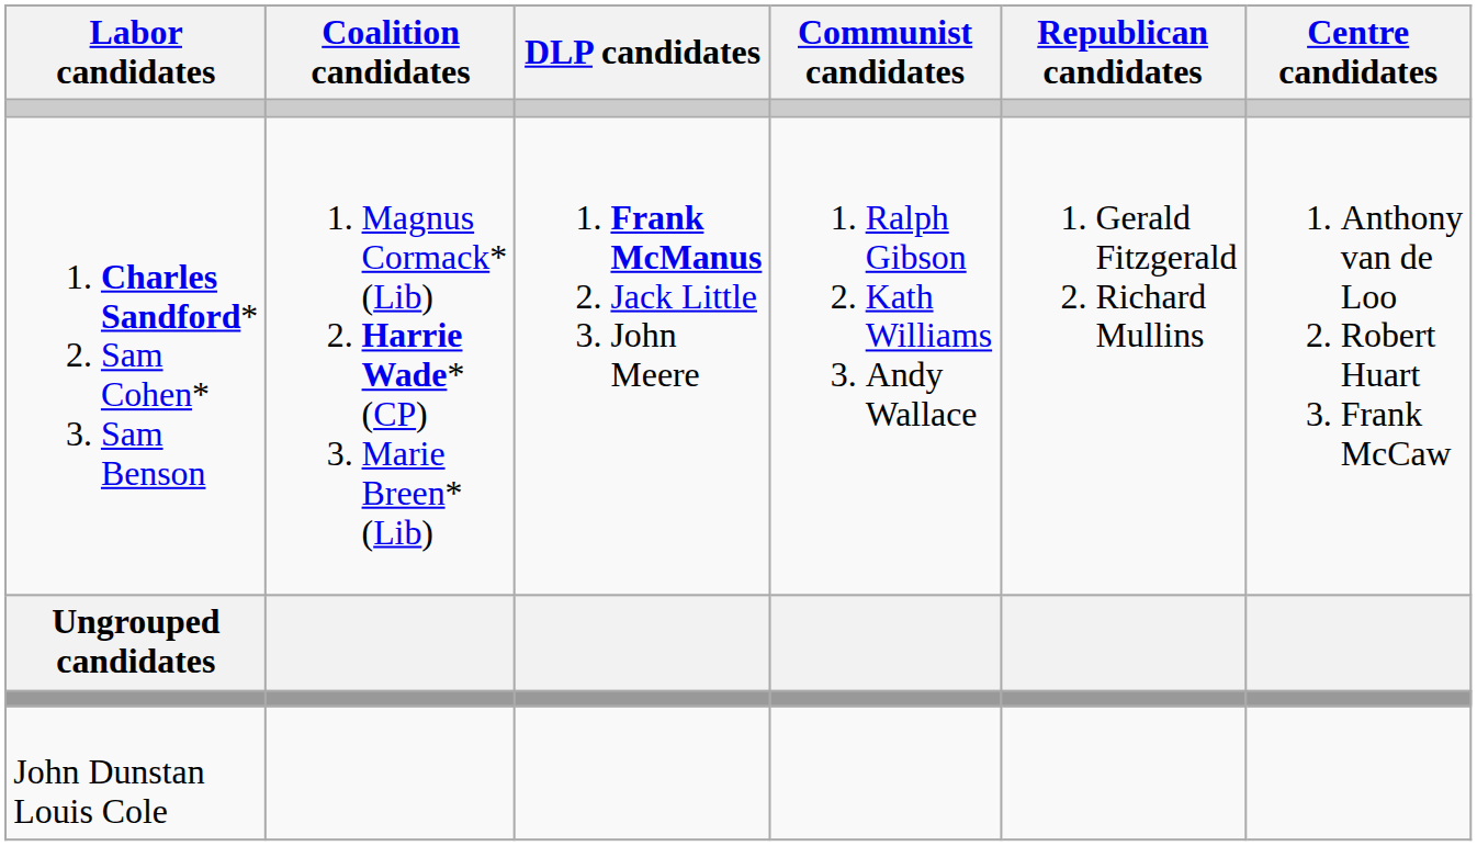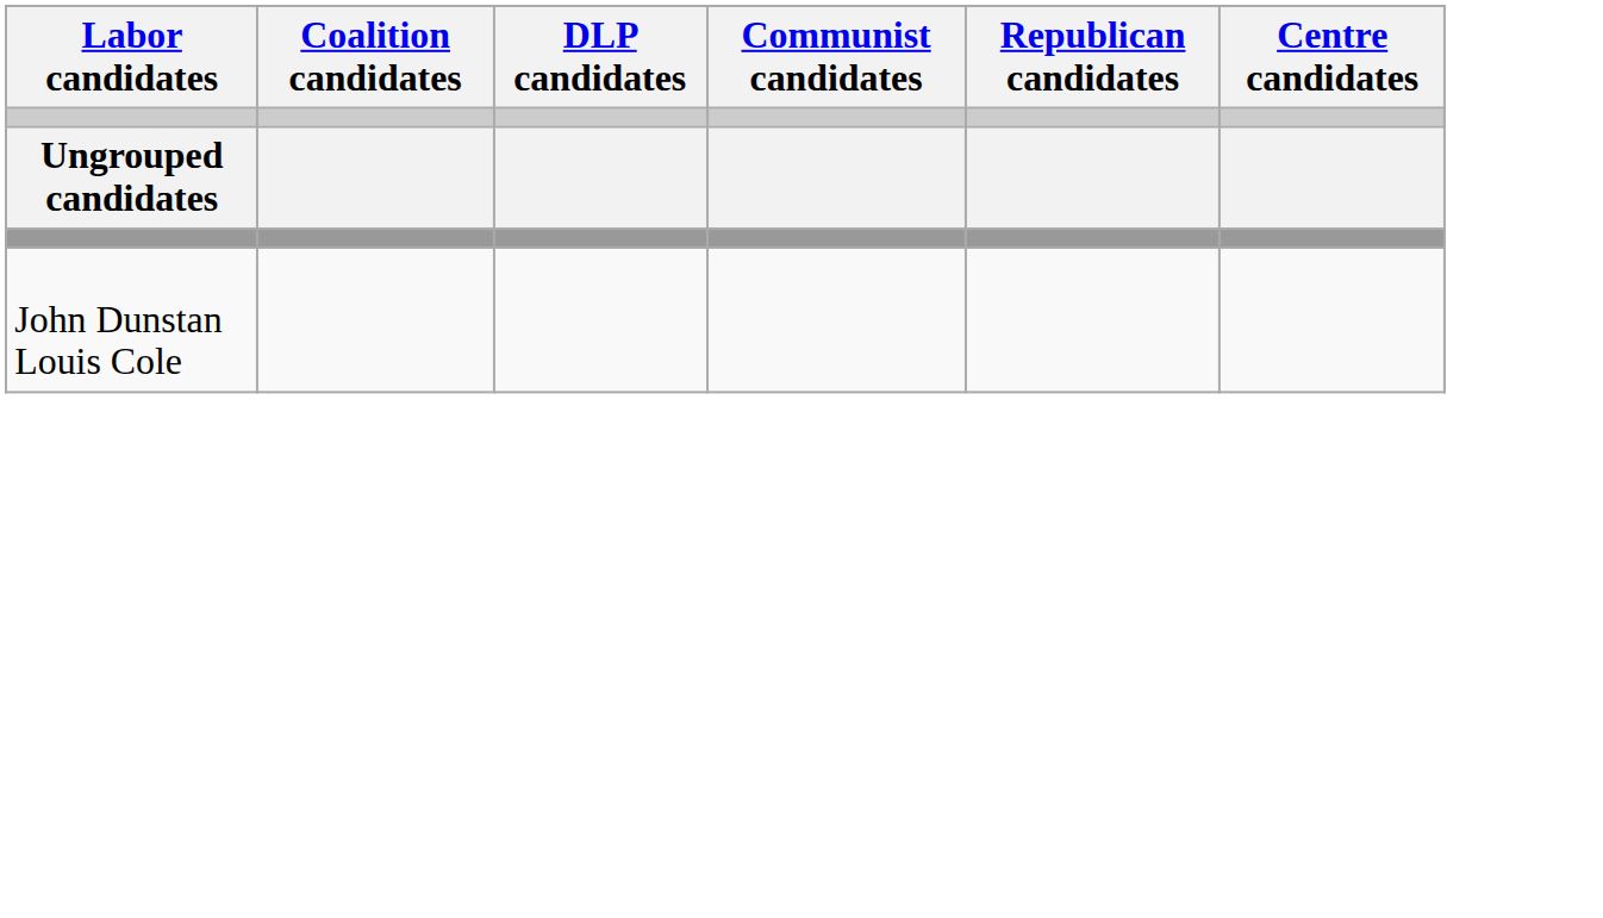 <table class="wikitable">
 <tr>
 <th><a href='#'>Labor</a> candidates</th>
 <th><a href='#'>Coalition</a> candidates</th>
 <th><a href='#'>DLP</a> candidates</th>
 <th><a href='#'>Communist</a> candidates</th>
 <th><a href='#'>Republican</a> candidates</th>
 <th><a href='#'>Centre</a> candidates</th>
 </tr>
 <tr bgcolor="#cccccc">
 <td></td>
 <td></td>
 <td></td>
 <td></td>
 <td></td>
 <td></td>
-</tr>
-<tr>
-<td><br><ol><li><strong><a href='#'>Charles Sandford</a></strong>*</li><li><a href='#'>Sam Cohen</a>*</li><li><a href='#'>Sam Benson</a></li></ol></td>
-<td><br><ol><li><a href='#'>Magnus Cormack</a>* (<a href='#'>Lib</a>)</li><li><strong><a href='#'>Harrie Wade</a></strong>* (<a href='#'>CP</a>)</li><li><a href='#'>Marie Breen</a>* (<a href='#'>Lib</a>)</li></ol></td>
-<td valign=top><br><ol><li><strong><a href='#'>Frank McManus</a></strong></li><li><a href='#'>Jack Little</a></li><li>John Meere</li></ol></td>
-<td valign=top><br><ol><li><a href='#'>Ralph Gibson</a></li><li><a href='#'>Kath Williams</a></li><li>Andy Wallace</li></ol></td>
-<td valign=top><br><ol><li>Gerald Fitzgerald</li><li>Richard Mullins</li></ol></td>
-<td valign=top><br><ol><li>Anthony van de Loo</li><li>Robert Huart</li><li>Frank McCaw</li></ol></td>
 </tr>
 <tr bgcolor="#cccccc">
 <th>Ungrouped candidates</th>
 <th></th>
 <th></th>
 <th></th>
 <th></th>
 <th></th>
 </tr>
 <tr bgcolor="#cccccc">
 <td bgcolor="#999999"></td>
 <td bgcolor="#999999"></td>
 <td bgcolor="#999999"></td>
 <td bgcolor="#999999"></td>
 <td bgcolor="#999999"></td>
 <td bgcolor="#999999"></td>
 </tr>
 <tr>
 <td valign=top><br>John Dunstan<br> Louis Cole</td>
 <td valign=top></td>
 <td valign=top></td>
 <td valign=top></td>
 <td valign=top></td>
 <td valign=top></td>
 </tr>
 </table>
